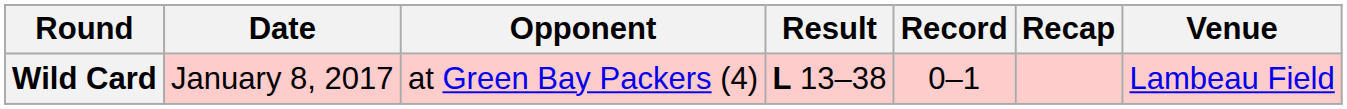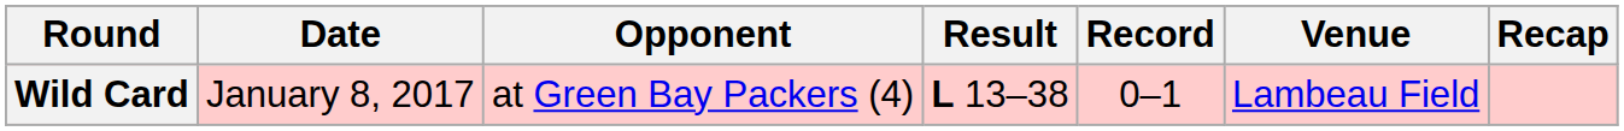 <table class="wikitable" style="text-align:center">
 <tr>
 <th>Round</th>
 <th>Date</th>
 <th>Opponent</th>
 <th>Result</th>
 <th>Record</th>
+<th>Venue</th>
 <th>Recap</th>
-<th>Venue</th>
 </tr>
 <tr style="background:#fcc">
 <th>Wild Card</th>
 <td>January 8, 2017</td>
 <td>at  <a href='#'>Green Bay Packers</a> (4)</td>
 <td><strong>L</strong> 13–38</td>
 <td>0–1</td>
+<td><a href='#'>Lambeau Field</a></td>
 <td></td>
-<td><a href='#'>Lambeau Field</a></td>
 </tr>
 </table>
